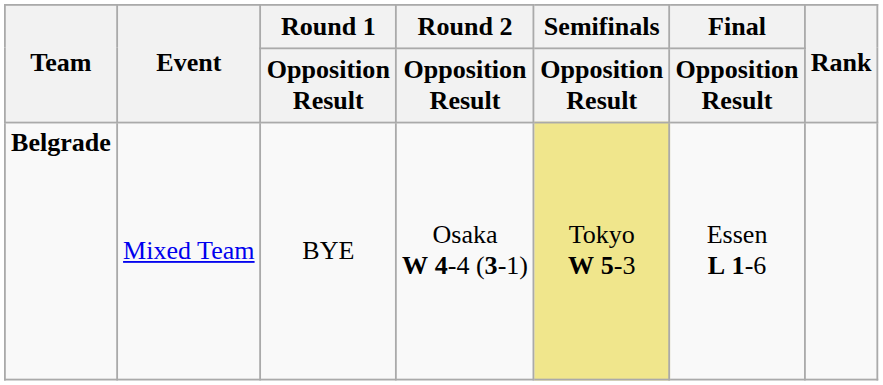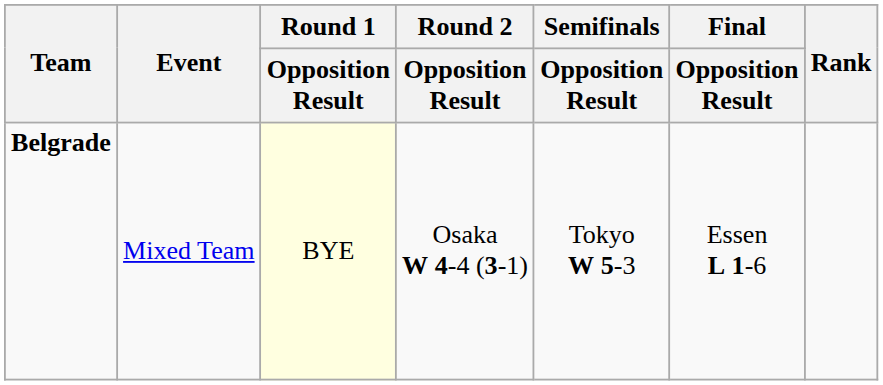 <table class="wikitable" border="1" style="font-size:90%">
 <tr>
 <th rowspan=2>Team</th>
 <th rowspan=2>Event</th>
 <th>Round 1</th>
 <th>Round 2</th>
 <th>Semifinals</th>
 <th>Final</th>
 <th rowspan=2>Rank</th>
 </tr>
 <tr>
 <th>Opposition<br>Result</th>
 <th>Opposition<br>Result</th>
 <th>Opposition<br>Result</th>
 <th>Opposition<br>Result</th>
 </tr>
 <tr>
 <td><strong>Belgrade</strong><br><br><br><br><br><br><br><br></td>
 <td><a href='#'>Mixed Team</a></td>
-<td align=center>BYE</td>
+<td align=center style="background: lightyellow;">BYE</td>
 <td align=center>Osaka <br> <strong>W</strong> <strong>4</strong>-4 (<strong>3</strong>-1)</td>
-<td align=center style="background: khaki;">Tokyo <br> <strong>W</strong> <strong>5</strong>-3</td>
+<td align=center>Tokyo <br> <strong>W</strong> <strong>5</strong>-3</td>
 <td align=center>Essen <br> <strong>L</strong> <strong>1</strong>-6</td>
 <td align=center></td>
 </tr>
 </table>
